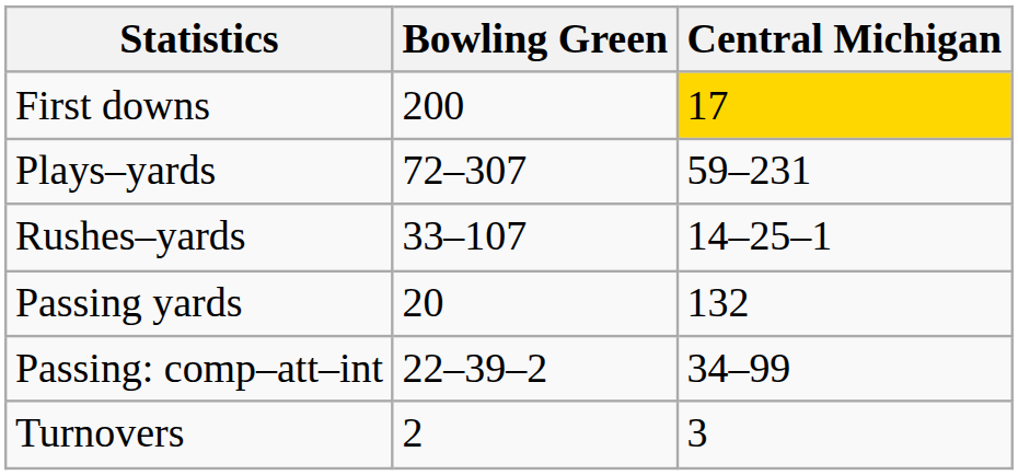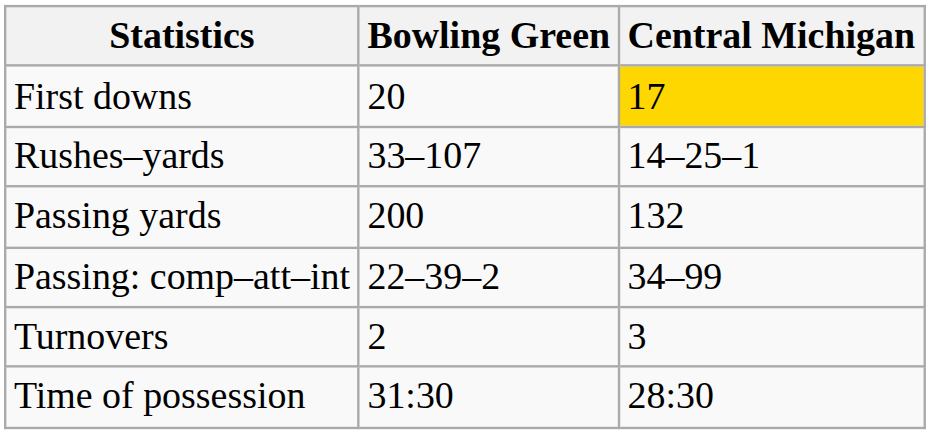 <table class="wikitable" style="float:left">
 <tr>
 <th>Statistics</th>
 <th>Bowling Green</th>
 <th>Central Michigan</th>
 </tr>
 <tr>
 <td>First downs</td>
-<td>200</td>
+<td>20</td>
 <td style="background: gold;">17</td>
-</tr>
-<tr>
-<td>Plays–yards</td>
-<td>72–307</td>
-<td>59–231</td>
 </tr>
 <tr>
 <td>Rushes–yards</td>
 <td>33–107</td>
 <td>14–25–1</td>
 </tr>
 <tr>
 <td>Passing yards</td>
-<td>20</td>
+<td>200</td>
 <td>132</td>
 </tr>
 <tr>
 <td>Passing: comp–att–int</td>
 <td>22–39–2</td>
 <td>34–99</td>
 </tr>
 <tr>
 <td>Turnovers</td>
 <td>2</td>
 <td>3</td>
 </tr>
+<tr>
+<td>Time of possession</td>
+<td>31:30</td>
+<td>28:30</td>
+</tr>
 </table>
